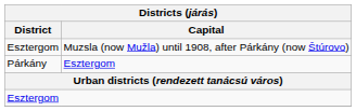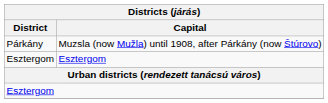 <table class="wikitable">
 <tr>
 <th colspan=2>Districts (<em>járás</em>)</th>
 </tr>
 <tr>
 <th>District</th>
 <th>Capital</th>
 </tr>
 <tr>
-<td> Esztergom</td>
+<td> Párkány</td>
 <td>Muzsla (now <a href='#'>Mužla</a>) until 1908, after Párkány (now <a href='#'>Štúrovo</a>)</td>
 </tr>
 <tr>
-<td> Párkány</td>
+<td> Esztergom</td>
 <td><a href='#'>Esztergom</a></td>
 </tr>
 <tr>
 <th colspan=2> Urban districts (<em>rendezett tanácsú város</em>)</th>
 </tr>
 <tr>
 <td colspan=2><a href='#'>Esztergom</a></td>
 </tr>
 <tr>
 </tr>
 </table>
